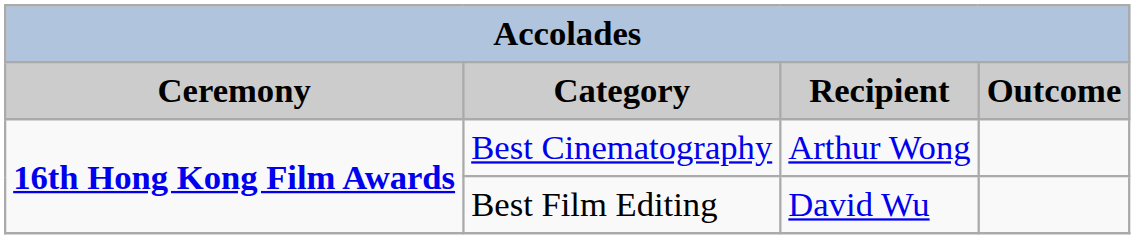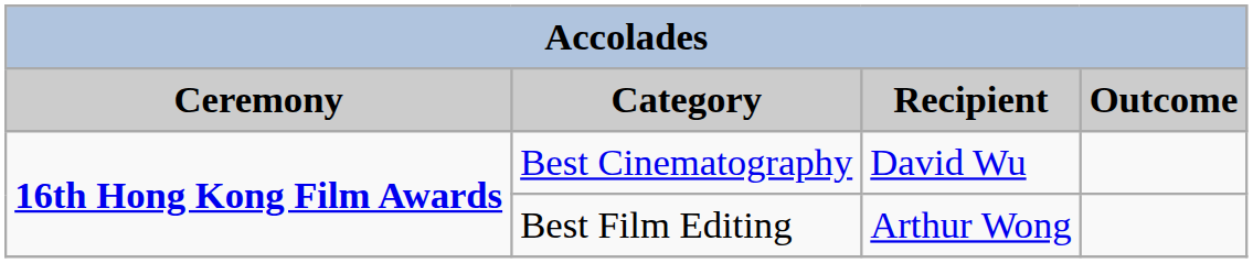 <table class="wikitable" style="font-size:95%;" ;>
 <tr style="background:#ccc; text-align:center;">
 <th colspan="4" style="background: LightSteelBlue;">Accolades</th>
 </tr>
 <tr style="background:#ccc; text-align:center;">
 <th style="background:#ccc">Ceremony</th>
 <th style="background:#ccc">Category</th>
 <th style="background:#ccc">Recipient</th>
 <th style="background:#ccc">Outcome</th>
 </tr>
 <tr>
 <td rowspan=2><strong><a href='#'>16th Hong Kong Film Awards</a></strong></td>
 <td><a href='#'>Best Cinematography</a></td>
-<td><a href='#'>Arthur Wong</a></td>
+<td><a href='#'>David Wu</a></td>
 <td></td>
 </tr>
 <tr>
 <td>Best Film Editing</td>
-<td><a href='#'>David Wu</a></td>
+<td><a href='#'>Arthur Wong</a></td>
 <td></td>
 </tr>
 <tr>
 </tr>
 </table>
